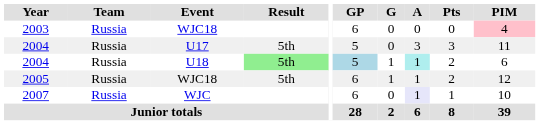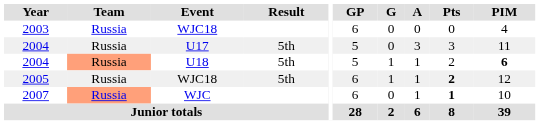 <table border="0" cellpadding="1" cellspacing="0" ID="Table3" style="text-align:center; width:40em">
 <tr ALIGN="center" bgcolor="#e0e0e0">
 <th>Year</th>
 <th>Team</th>
 <th>Event</th>
 <th>Result</th>
 <th rowspan="99" bgcolor="#ffffff"></th>
 <th>GP</th>
 <th>G</th>
 <th>A</th>
 <th>Pts</th>
 <th>PIM</th>
 </tr>
 <tr>
 <td><a href='#'>2003</a></td>
 <td><a href='#'>Russia</a></td>
 <td><a href='#'>WJC18</a></td>
 <td></td>
 <td>6</td>
 <td>0</td>
 <td>0</td>
 <td>0</td>
-<td style="background: pink;">4</td>
+<td>4</td>
 </tr>
 <tr bgcolor="#f0f0f0">
 <td><a href='#'>2004</a></td>
 <td>Russia</td>
 <td><a href='#'>U17</a></td>
 <td>5th</td>
 <td>5</td>
 <td>0</td>
 <td>3</td>
 <td>3</td>
 <td>11</td>
 </tr>
 <tr>
 <td><a href='#'>2004</a></td>
-<td>Russia</td>
+<td style="background: lightsalmon;">Russia</td>
 <td><a href='#'>U18</a></td>
-<td style="background: lightgreen;">5th</td>
-<td style="background: lightblue;">5</td>
+<td>5th</td>
+<td>5</td>
 <td>1</td>
-<td style="background: paleturquoise;">1</td>
+<td>1</td>
 <td>2</td>
-<td>6</td>
+<td><strong>6</strong></td>
 </tr>
 <tr bgcolor="#f0f0f0">
 <td><a href='#'>2005</a></td>
 <td>Russia</td>
 <td>WJC18</td>
 <td>5th</td>
 <td>6</td>
 <td>1</td>
 <td>1</td>
-<td>2</td>
+<td><strong>2</strong></td>
 <td>12</td>
 </tr>
 <tr>
 <td><a href='#'>2007</a></td>
-<td><a href='#'>Russia</a></td>
+<td style="background: lightsalmon;"><a href='#'>Russia</a></td>
 <td><a href='#'>WJC</a></td>
 <td></td>
 <td>6</td>
 <td>0</td>
-<td style="background: lavender;">1</td>
 <td>1</td>
+<td><strong>1</strong></td>
 <td>10</td>
 </tr>
 <tr bgcolor="#e0e0e0">
 <th colspan="4">Junior totals</th>
 <th>28</th>
 <th>2</th>
 <th>6</th>
 <th>8</th>
 <th>39</th>
 </tr>
 </table>
